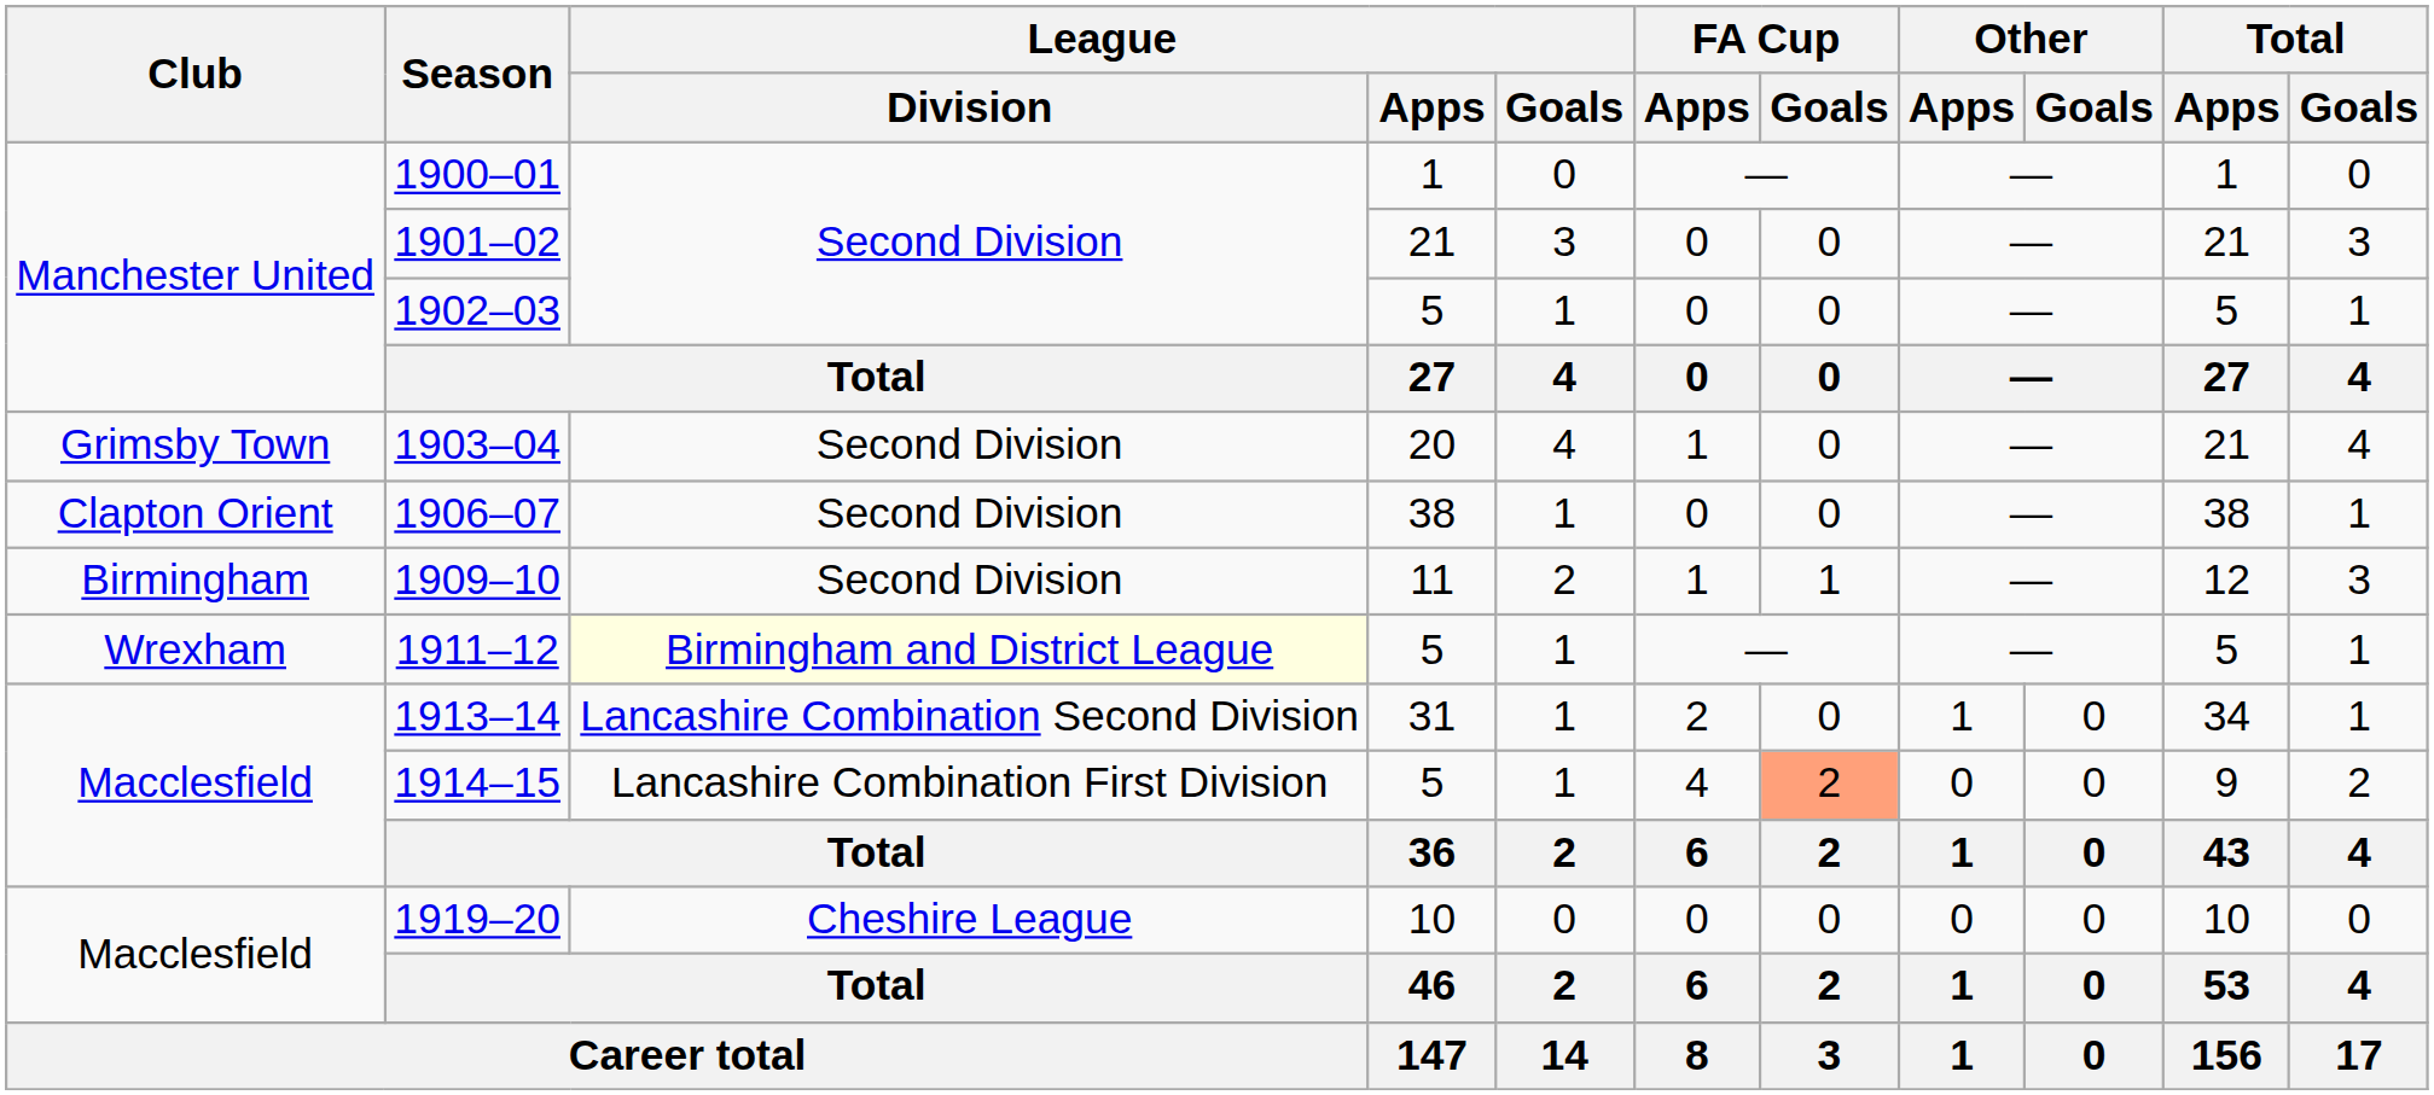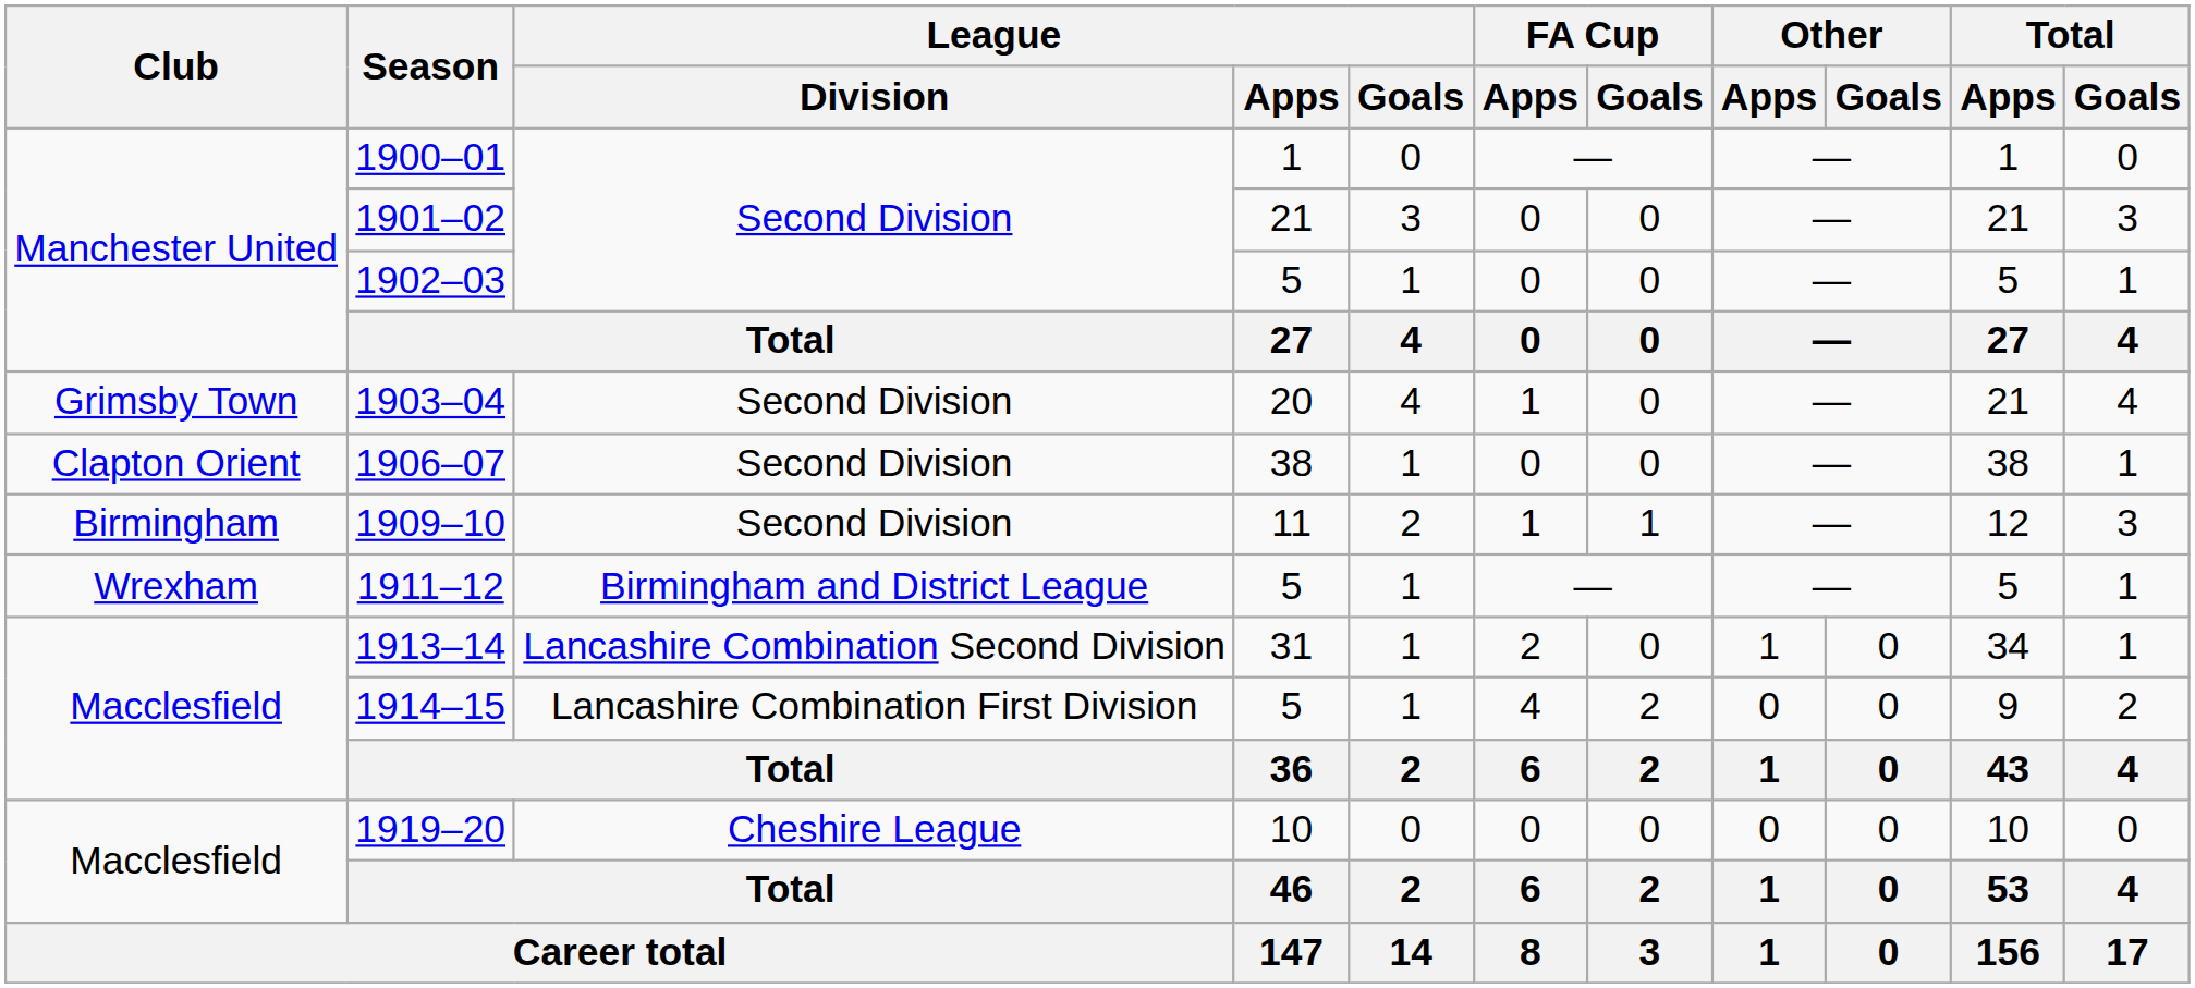 <table class="wikitable" style="text-align: center;">
 <tr>
 <th rowspan="2">Club</th>
 <th rowspan="2">Season</th>
 <th colspan="3">League</th>
 <th colspan="2">FA Cup</th>
 <th colspan="2">Other</th>
 <th colspan="2">Total</th>
 </tr>
 <tr>
 <th>Division</th>
 <th>Apps</th>
 <th>Goals</th>
 <th>Apps</th>
 <th>Goals</th>
 <th>Apps</th>
 <th>Goals</th>
 <th>Apps</th>
 <th>Goals</th>
 </tr>
 <tr>
 <td rowspan="4"><a href='#'>Manchester United</a></td>
 <td><a href='#'>1900–01</a></td>
 <td rowspan="3"><a href='#'>Second Division</a></td>
 <td>1</td>
 <td>0</td>
 <td colspan="2">—</td>
 <td colspan="2">—</td>
 <td>1</td>
 <td>0</td>
 </tr>
 <tr>
 <td><a href='#'>1901–02</a></td>
 <td>21</td>
 <td>3</td>
 <td>0</td>
 <td>0</td>
 <td colspan="2">—</td>
 <td>21</td>
 <td>3</td>
 </tr>
 <tr>
 <td><a href='#'>1902–03</a></td>
 <td>5</td>
 <td>1</td>
 <td>0</td>
 <td>0</td>
 <td colspan="2">—</td>
 <td>5</td>
 <td>1</td>
 </tr>
 <tr>
 <th colspan="2">Total</th>
 <th>27</th>
 <th>4</th>
 <th>0</th>
 <th>0</th>
 <th colspan="2">—</th>
 <th>27</th>
 <th>4</th>
 </tr>
 <tr>
 <td><a href='#'>Grimsby Town</a></td>
 <td><a href='#'>1903–04</a></td>
 <td>Second Division</td>
 <td>20</td>
 <td>4</td>
 <td>1</td>
 <td>0</td>
 <td colspan="2">—</td>
 <td>21</td>
 <td>4</td>
 </tr>
 <tr>
 <td><a href='#'>Clapton Orient</a></td>
 <td><a href='#'>1906–07</a></td>
 <td>Second Division</td>
 <td>38</td>
 <td>1</td>
 <td>0</td>
 <td>0</td>
 <td colspan="2">—</td>
 <td>38</td>
 <td>1</td>
 </tr>
 <tr>
 <td><a href='#'>Birmingham</a></td>
 <td><a href='#'>1909–10</a></td>
 <td>Second Division</td>
 <td>11</td>
 <td>2</td>
 <td>1</td>
 <td>1</td>
 <td colspan="2">—</td>
 <td>12</td>
 <td>3</td>
 </tr>
 <tr>
 <td><a href='#'>Wrexham</a></td>
 <td><a href='#'>1911–12</a></td>
-<td style="background: lightyellow;"><a href='#'>Birmingham and District League</a></td>
+<td><a href='#'>Birmingham and District League</a></td>
 <td>5</td>
 <td>1</td>
 <td colspan="2">—</td>
 <td colspan="2">—</td>
 <td>5</td>
 <td>1</td>
 </tr>
 <tr>
 <td rowspan="3"><a href='#'>Macclesfield</a></td>
 <td><a href='#'>1913–14</a></td>
 <td><a href='#'>Lancashire Combination</a> Second Division</td>
 <td>31</td>
 <td>1</td>
 <td>2</td>
 <td>0</td>
 <td>1</td>
 <td>0</td>
 <td>34</td>
 <td>1</td>
 </tr>
 <tr>
 <td><a href='#'>1914–15</a></td>
 <td>Lancashire Combination First Division</td>
 <td>5</td>
 <td>1</td>
 <td>4</td>
-<td style="background: lightsalmon;">2</td>
+<td>2</td>
 <td>0</td>
 <td>0</td>
 <td>9</td>
 <td>2</td>
 </tr>
 <tr>
 <th colspan="2">Total</th>
 <th>36</th>
 <th>2</th>
 <th>6</th>
 <th>2</th>
 <th>1</th>
 <th>0</th>
 <th>43</th>
 <th>4</th>
 </tr>
 <tr>
 <td rowspan="2">Macclesfield</td>
 <td><a href='#'>1919–20</a></td>
 <td><a href='#'>Cheshire League</a></td>
 <td>10</td>
 <td>0</td>
 <td>0</td>
 <td>0</td>
 <td>0</td>
 <td>0</td>
 <td>10</td>
 <td>0</td>
 </tr>
 <tr>
 <th colspan="2">Total</th>
 <th>46</th>
 <th>2</th>
 <th>6</th>
 <th>2</th>
 <th>1</th>
 <th>0</th>
 <th>53</th>
 <th>4</th>
 </tr>
 <tr>
 <th colspan="3">Career total</th>
 <th>147</th>
 <th>14</th>
 <th>8</th>
 <th>3</th>
 <th>1</th>
 <th>0</th>
 <th>156</th>
 <th>17</th>
 </tr>
 </table>
